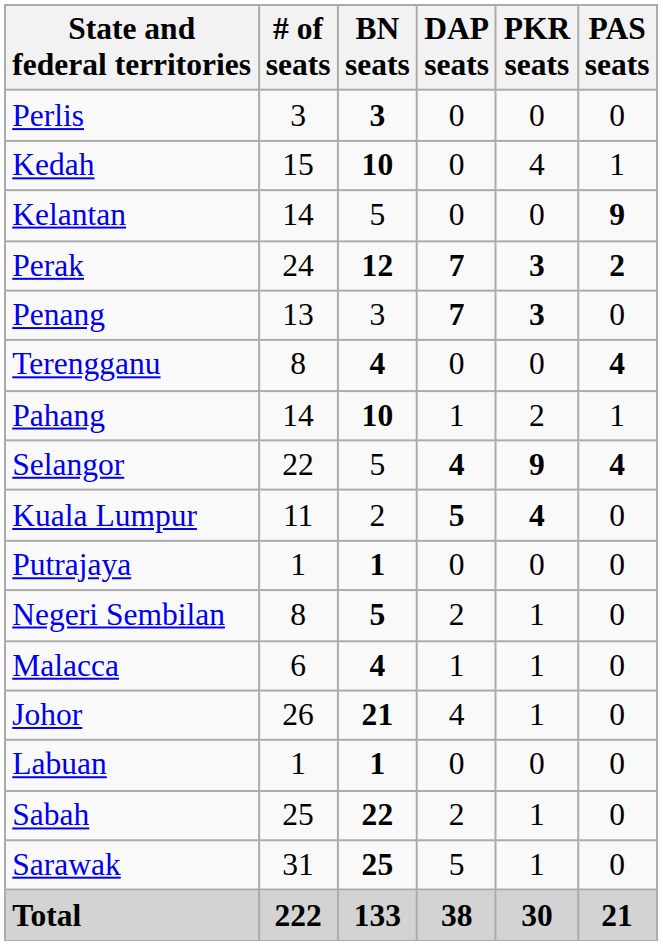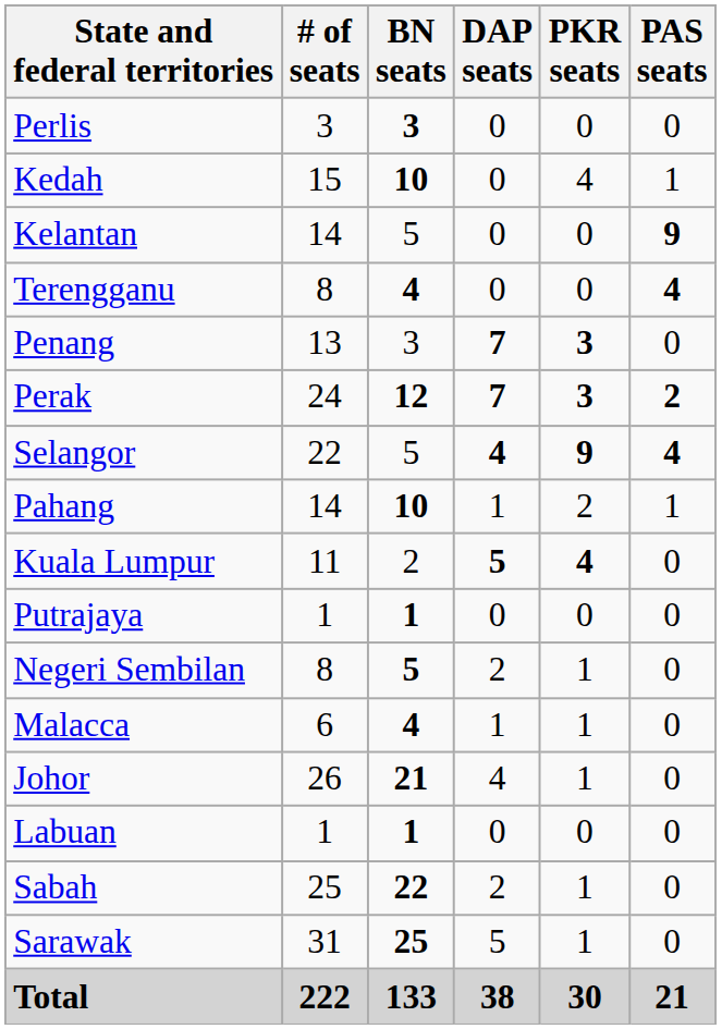 <table class="wikitable sortable" style="text-align:center">
 <tr>
 <th>State and<br>federal territories</th>
 <th># of<br>seats</th>
 <th>BN<br>seats</th>
 <th>DAP<br>seats</th>
 <th>PKR<br>seats</th>
 <th>PAS<br>seats</th>
 </tr>
 <tr>
 <td style="text-align:left"> <a href='#'>Perlis</a></td>
 <td>3</td>
 <td><strong>3</strong></td>
 <td>0</td>
 <td>0</td>
 <td>0</td>
 </tr>
 <tr>
 <td style="text-align:left"> <a href='#'>Kedah</a></td>
 <td>15</td>
 <td><strong>10</strong></td>
 <td>0</td>
 <td>4</td>
 <td>1</td>
 </tr>
 <tr>
 <td style="text-align:left"> <a href='#'>Kelantan</a></td>
 <td>14</td>
 <td>5</td>
 <td>0</td>
 <td>0</td>
 <td><strong>9</strong></td>
 </tr>
 <tr>
-<td style="text-align:left"> <a href='#'>Perak</a></td>
-<td>24</td>
-<td><strong>12</strong></td>
-<td><strong>7</strong></td>
-<td><strong>3</strong></td>
-<td><strong>2</strong></td>
+<td style="text-align:left"> <a href='#'>Terengganu</a></td>
+<td>8</td>
+<td><strong>4</strong></td>
+<td>0</td>
+<td>0</td>
+<td><strong>4</strong></td>
 </tr>
 <tr>
 <td style="text-align:left"> <a href='#'>Penang</a></td>
 <td>13</td>
 <td>3</td>
 <td><strong>7</strong></td>
 <td><strong>3</strong></td>
 <td>0</td>
 </tr>
 <tr>
-<td style="text-align:left"> <a href='#'>Terengganu</a></td>
-<td>8</td>
+<td style="text-align:left"> <a href='#'>Perak</a></td>
+<td>24</td>
+<td><strong>12</strong></td>
+<td><strong>7</strong></td>
+<td><strong>3</strong></td>
+<td><strong>2</strong></td>
+</tr>
+<tr>
+<td style="text-align:left"> <a href='#'>Selangor</a></td>
+<td>22</td>
+<td>5</td>
 <td><strong>4</strong></td>
-<td>0</td>
-<td>0</td>
+<td><strong>9</strong></td>
 <td><strong>4</strong></td>
 </tr>
 <tr>
 <td style="text-align:left"> <a href='#'>Pahang</a></td>
 <td>14</td>
 <td><strong>10</strong></td>
 <td>1</td>
 <td>2</td>
 <td>1</td>
-</tr>
-<tr>
-<td style="text-align:left"> <a href='#'>Selangor</a></td>
-<td>22</td>
-<td>5</td>
-<td><strong>4</strong></td>
-<td><strong>9</strong></td>
-<td><strong>4</strong></td>
 </tr>
 <tr>
 <td style="text-align:left"> <a href='#'>Kuala Lumpur</a></td>
 <td>11</td>
 <td>2</td>
 <td><strong>5</strong></td>
 <td><strong>4</strong></td>
 <td>0</td>
 </tr>
 <tr>
 <td style="text-align:left"> <a href='#'>Putrajaya</a></td>
 <td>1</td>
 <td><strong>1</strong></td>
 <td>0</td>
 <td>0</td>
 <td>0</td>
 </tr>
 <tr>
 <td style="text-align:left"> <a href='#'>Negeri Sembilan</a></td>
 <td>8</td>
 <td><strong>5</strong></td>
 <td>2</td>
 <td>1</td>
 <td>0</td>
 </tr>
 <tr>
 <td style="text-align:left"> <a href='#'>Malacca</a></td>
 <td>6</td>
 <td><strong>4</strong></td>
 <td>1</td>
 <td>1</td>
 <td>0</td>
 </tr>
 <tr>
 <td style="text-align:left"> <a href='#'>Johor</a></td>
 <td>26</td>
 <td><strong>21</strong></td>
 <td>4</td>
 <td>1</td>
 <td>0</td>
 </tr>
 <tr>
 <td style="text-align:left"> <a href='#'>Labuan</a></td>
 <td>1</td>
 <td><strong>1</strong></td>
 <td>0</td>
 <td>0</td>
 <td>0</td>
 </tr>
 <tr>
 <td style="text-align:left"> <a href='#'>Sabah</a></td>
 <td>25</td>
 <td><strong>22</strong></td>
 <td>2</td>
 <td>1</td>
 <td>0</td>
 </tr>
 <tr>
 <td style="text-align:left"> <a href='#'>Sarawak</a></td>
 <td>31</td>
 <td><strong>25</strong></td>
 <td>5</td>
 <td>1</td>
 <td>0</td>
 </tr>
 <tr class="sortbottom" bgcolor="lightgrey">
 <td style="text-align:left"><strong>Total</strong></td>
 <td><strong>222</strong></td>
 <td><span><strong>133</strong></span></td>
 <td><span><strong>38</strong></span></td>
 <td><span><strong>30</strong></span></td>
 <td><span><strong>21</strong></span></td>
 </tr>
 </table>
